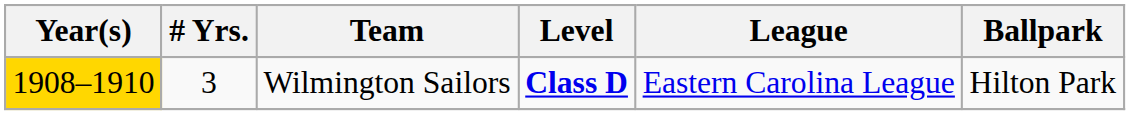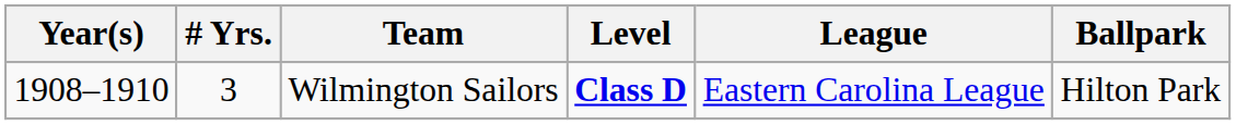 <table class="wikitable" style="text-align:center; font-size: 95%;">
 <tr>
 <th>Year(s)</th>
 <th># Yrs.</th>
 <th>Team</th>
 <th>Level</th>
 <th>League</th>
 <th>Ballpark</th>
 </tr>
 <tr>
-<td style="background: gold;">1908–1910</td>
+<td>1908–1910</td>
 <td>3</td>
 <td>Wilmington Sailors</td>
 <td><strong><a href='#'>Class D</a></strong></td>
 <td><a href='#'>Eastern Carolina League</a></td>
 <td>Hilton Park</td>
 </tr>
 <tr>
 </tr>
 </table>
